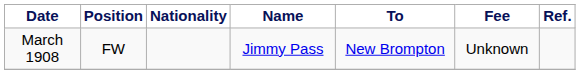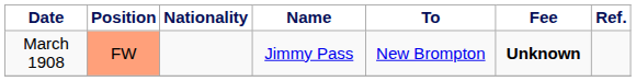 <table class="wikitable" style="text-align:center">
 <tr>
 <th style="background:#FFFFFF; color:#081159; width:120px;">Date</th>
 <th style="background:#FFFFFF; color:#081159; width:50px;">Position</th>
 <th style="background:#FFFFFF; color:#081159; width:50px;">Nationality</th>
 <th style="background:#FFFFFF; color:#081159; width:200px;">Name</th>
 <th style="background:#FFFFFF; color:#081159; width:200px;">To</th>
 <th style="background:#FFFFFF; color:#081159; width:110px;">Fee</th>
 <th style="background:#FFFFFF; color:#081159; width:30px;">Ref.</th>
 </tr>
 <tr>
 <td>March 1908</td>
-<td>FW</td>
+<td style="background: lightsalmon;">FW</td>
 <td></td>
 <td><a href='#'>Jimmy Pass</a></td>
 <td><a href='#'>New Brompton</a></td>
-<td>Unknown</td>
+<td><strong>Unknown</strong></td>
 <td></td>
 </tr>
 <tr>
 </tr>
 </table>
